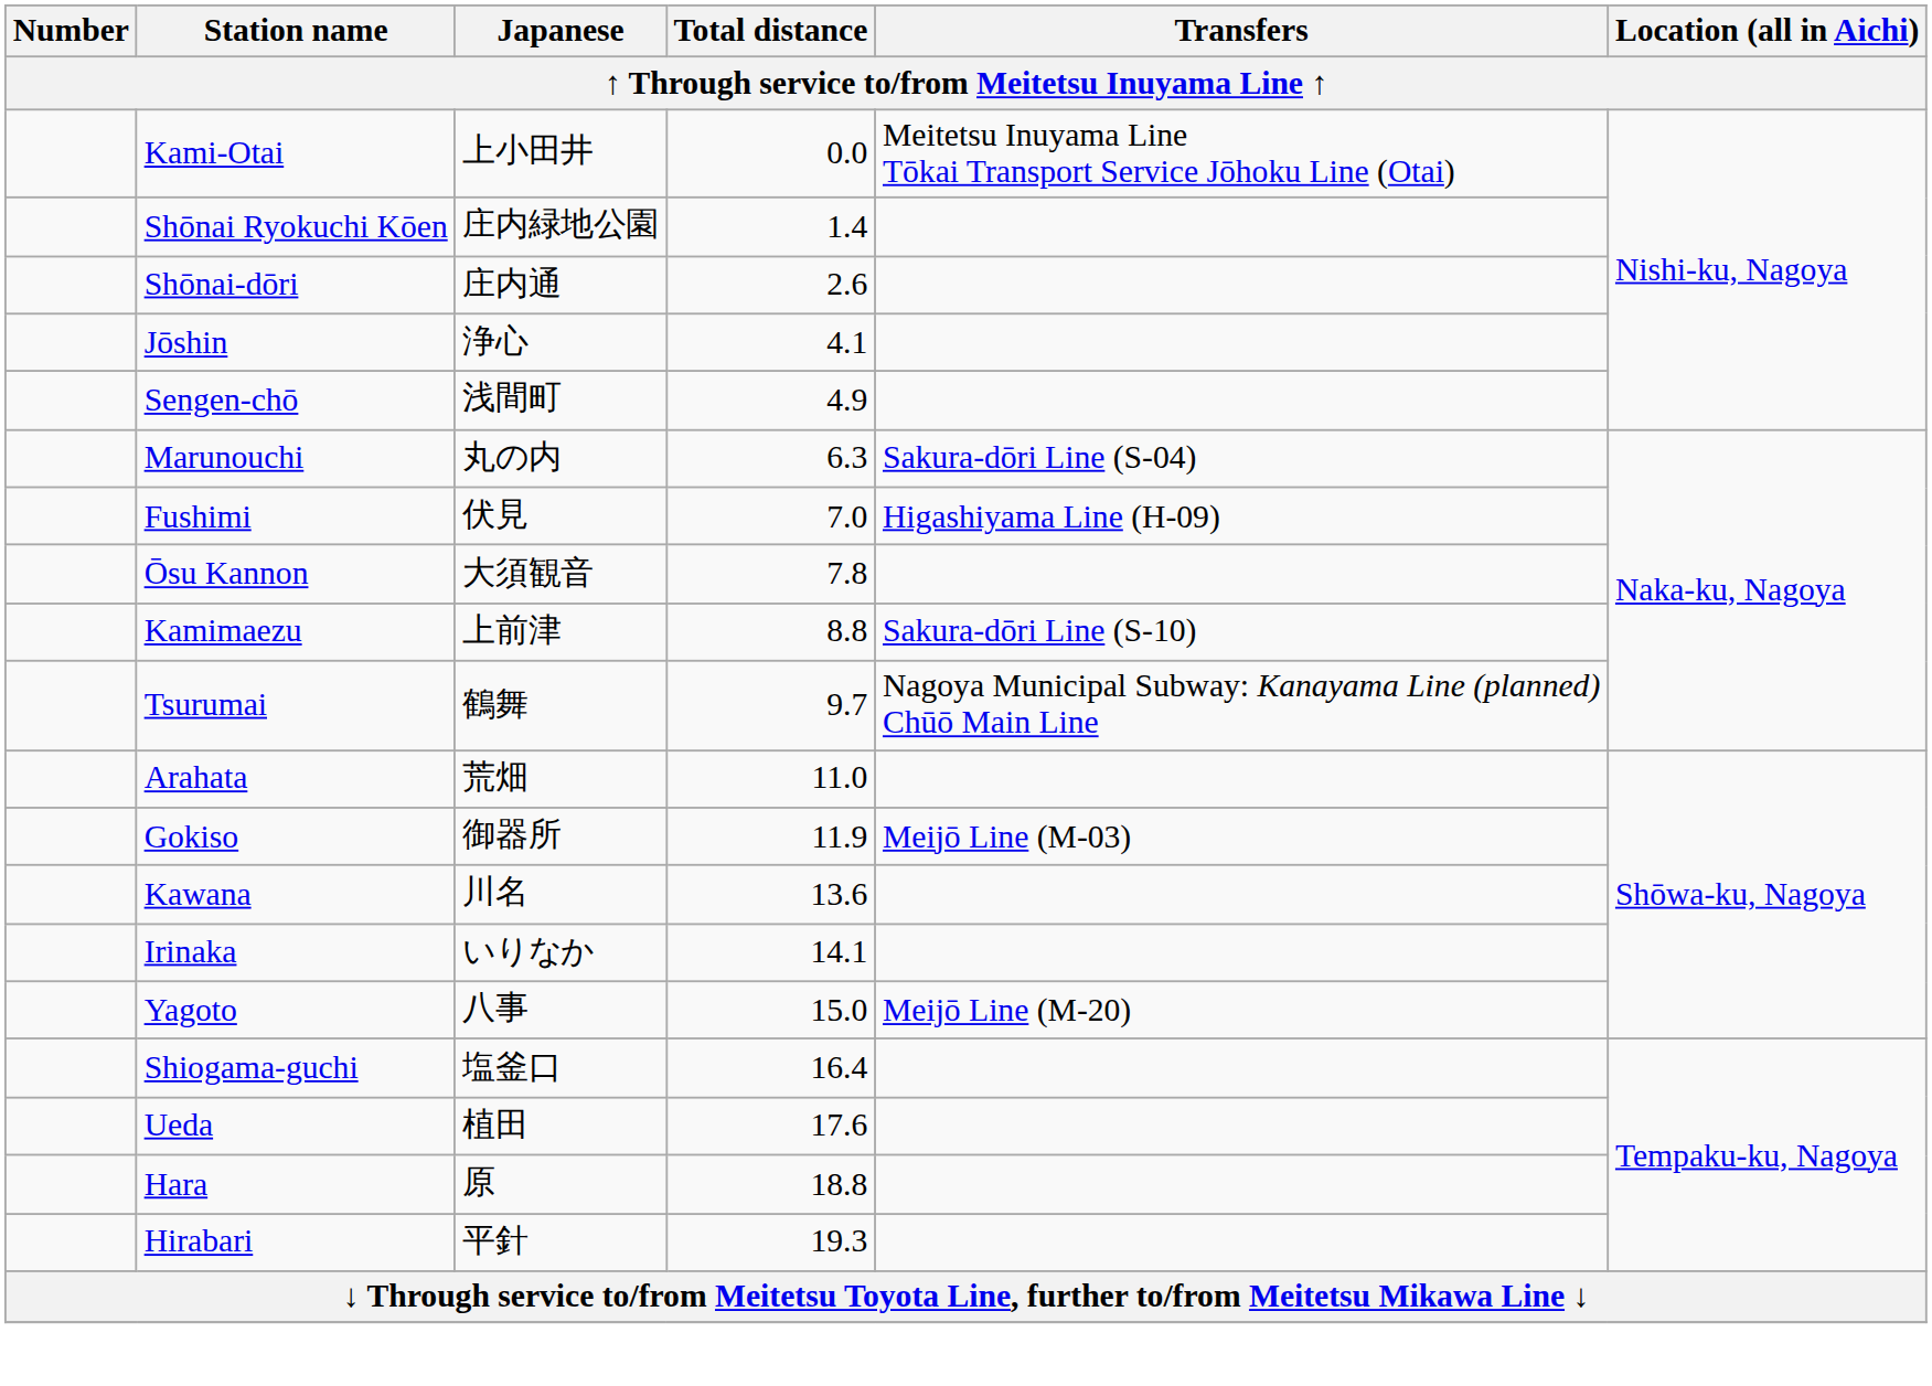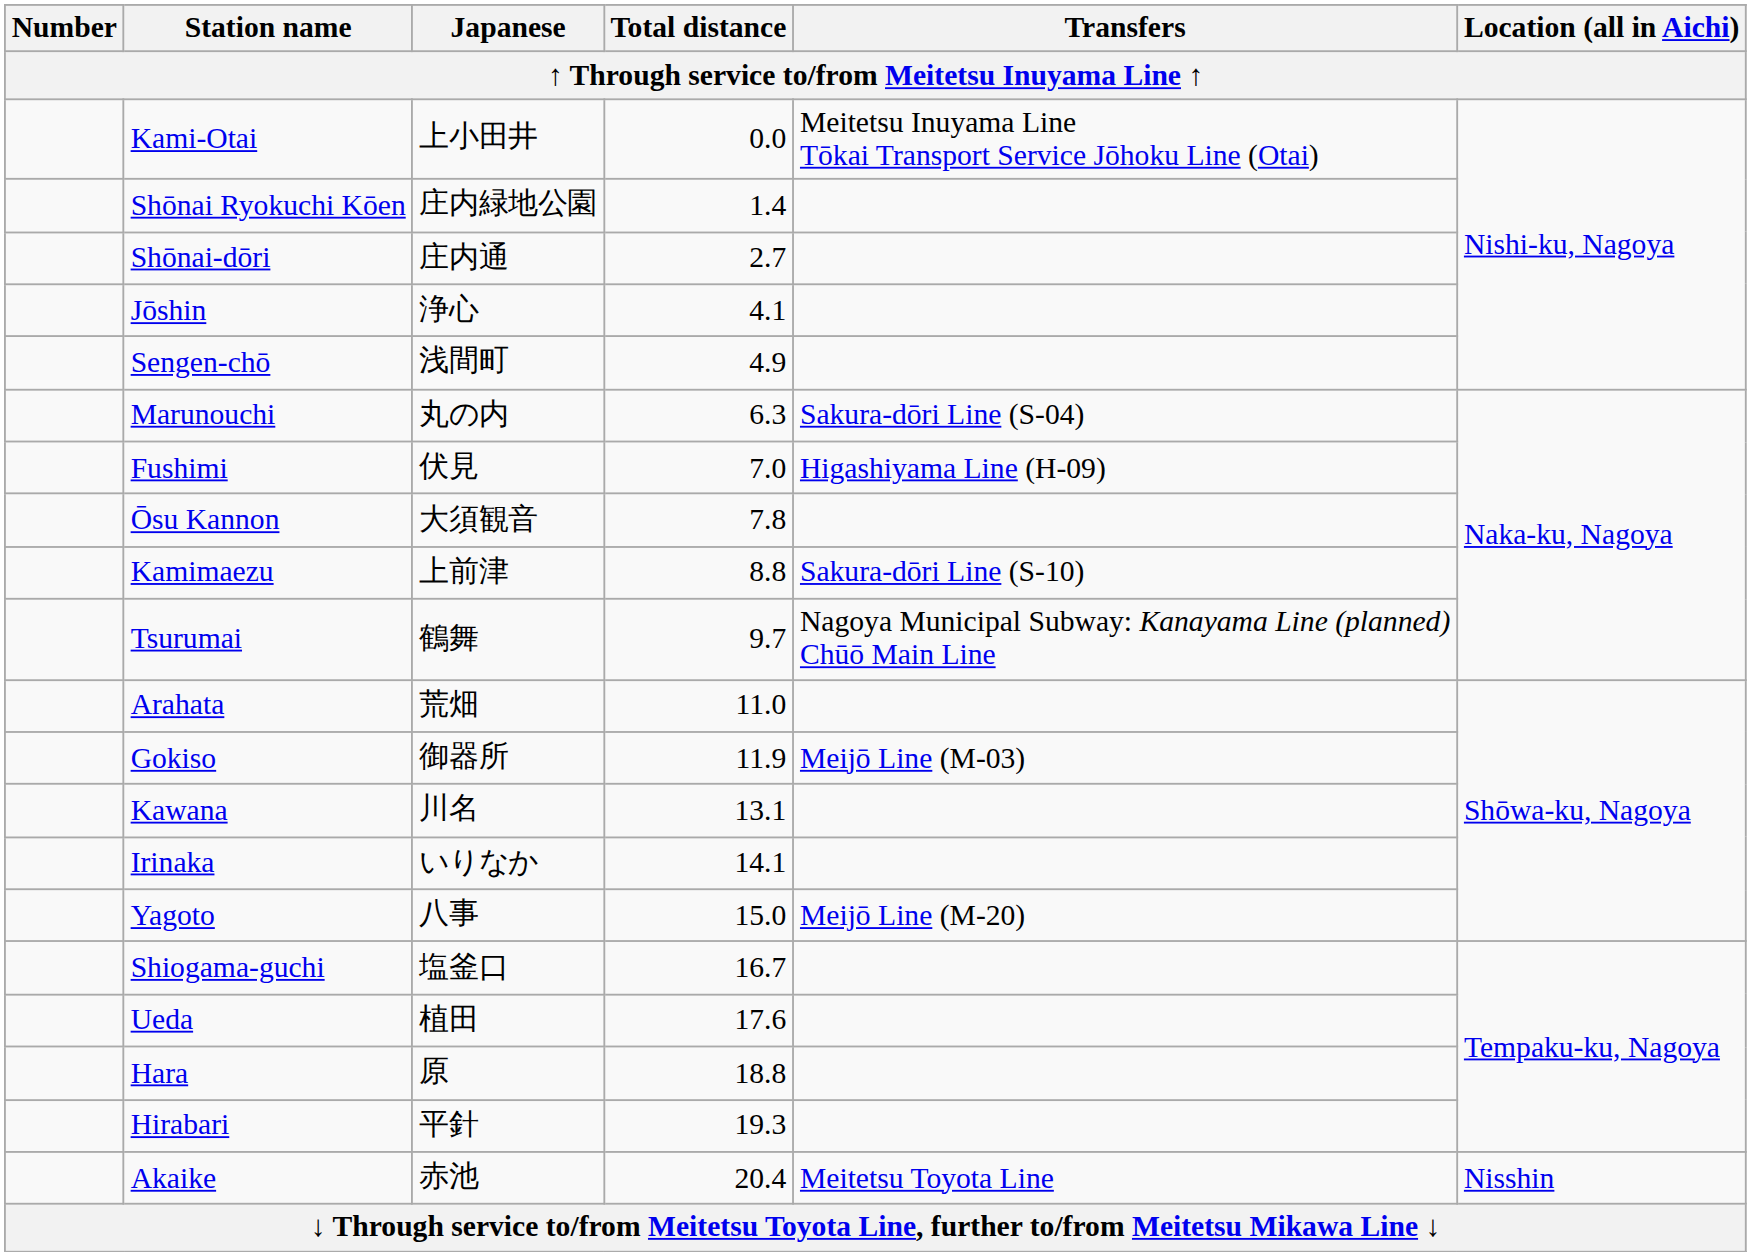 <table class="wikitable">
 <tr>
 <th style="border-bottom:3px solid #">Number</th>
 <th ! style="border-bottom:3px solid #">Station name</th>
 <th ! style="border-bottom:3px solid #">Japanese</th>
 <th ! style="border-bottom:3px solid #">Total distance</th>
 <th ! style="border-bottom:3px solid #">Transfers</th>
 <th ! style="border-bottom:3px solid #">Location (all in <a href='#'>Aichi</a>)</th>
 </tr>
 <tr>
 <th colspan="6">↑ Through service to/from <a href='#'>Meitetsu Inuyama Line</a> ↑</th>
 </tr>
 <tr>
 <td></td>
 <td><a href='#'>Kami-Otai</a></td>
 <td>上小田井</td>
 <td align=right>0.0</td>
 <td>Meitetsu Inuyama Line<br><a href='#'>Tōkai Transport Service Jōhoku Line</a> (<a href='#'>Otai</a>)</td>
 <td rowspan=5><a href='#'>Nishi-ku, Nagoya</a></td>
 </tr>
 <tr>
 <td></td>
 <td><a href='#'>Shōnai Ryokuchi Kōen</a></td>
 <td>庄内緑地公園</td>
 <td align=right>1.4</td>
 <td></td>
 </tr>
 <tr>
 <td></td>
 <td><a href='#'>Shōnai-dōri</a></td>
 <td>庄内通</td>
-<td align=right>2.6</td>
+<td align=right>2.7</td>
 <td></td>
 </tr>
 <tr>
 <td></td>
 <td><a href='#'>Jōshin</a></td>
 <td>浄心</td>
 <td align=right>4.1</td>
 <td></td>
 </tr>
 <tr>
 <td></td>
 <td><a href='#'>Sengen-chō</a></td>
 <td>浅間町</td>
 <td align=right>4.9</td>
 <td></td>
 </tr>
 <tr>
 <td></td>
 <td><a href='#'>Marunouchi</a></td>
 <td>丸の内</td>
 <td align=right>6.3</td>
 <td> <a href='#'>Sakura-dōri Line</a> (S-04)</td>
 <td rowspan=5><a href='#'>Naka-ku, Nagoya</a></td>
 </tr>
 <tr>
 <td></td>
 <td><a href='#'>Fushimi</a></td>
 <td>伏見</td>
 <td align=right>7.0</td>
 <td> <a href='#'>Higashiyama Line</a> (H-09)</td>
 </tr>
 <tr>
 <td></td>
 <td><a href='#'>Ōsu Kannon</a></td>
 <td>大須観音</td>
 <td align=right>7.8</td>
 <td></td>
 </tr>
 <tr>
 <td></td>
 <td><a href='#'>Kamimaezu</a></td>
 <td>上前津</td>
 <td align=right>8.8</td>
 <td> <a href='#'>Sakura-dōri Line</a> (S-10)</td>
 </tr>
 <tr>
 <td></td>
 <td><a href='#'>Tsurumai</a></td>
 <td>鶴舞</td>
 <td align=right>9.7</td>
 <td>Nagoya Municipal Subway: <em>Kanayama Line (planned)</em> <br><a href='#'>Chūō Main Line</a></td>
 </tr>
 <tr>
 <td></td>
 <td><a href='#'>Arahata</a></td>
 <td>荒畑</td>
 <td align=right>11.0</td>
 <td></td>
 <td rowspan=5><a href='#'>Shōwa-ku, Nagoya</a></td>
 </tr>
 <tr>
 <td></td>
 <td><a href='#'>Gokiso</a></td>
 <td>御器所</td>
 <td align=right>11.9</td>
 <td> <a href='#'>Meijō Line</a> (M-03)</td>
 </tr>
 <tr>
 <td></td>
 <td><a href='#'>Kawana</a></td>
 <td>川名</td>
-<td align=right>13.6</td>
+<td align=right>13.1</td>
 <td></td>
 </tr>
 <tr>
 <td></td>
 <td><a href='#'>Irinaka</a></td>
 <td>いりなか</td>
 <td align=right>14.1</td>
 <td></td>
 </tr>
 <tr>
 <td></td>
 <td><a href='#'>Yagoto</a></td>
 <td>八事</td>
 <td align=right>15.0</td>
 <td> <a href='#'>Meijō Line</a> (M-20)</td>
 </tr>
 <tr>
 <td></td>
 <td><a href='#'>Shiogama-guchi</a></td>
 <td>塩釜口</td>
-<td align=right>16.4</td>
+<td align=right>16.7</td>
 <td></td>
 <td rowspan=4><a href='#'>Tempaku-ku, Nagoya</a></td>
 </tr>
 <tr>
 <td></td>
 <td><a href='#'>Ueda</a></td>
 <td>植田</td>
 <td align=right>17.6</td>
 <td></td>
 </tr>
 <tr>
 <td></td>
 <td><a href='#'>Hara</a></td>
 <td>原</td>
 <td align=right>18.8</td>
 <td></td>
 </tr>
 <tr>
 <td></td>
 <td><a href='#'>Hirabari</a></td>
 <td>平針</td>
 <td align=right>19.3</td>
 <td></td>
 </tr>
 <tr>
+<td></td>
+<td><a href='#'>Akaike</a></td>
+<td>赤池</td>
+<td align=right>20.4</td>
+<td><a href='#'>Meitetsu Toyota Line</a></td>
+<td><a href='#'>Nisshin</a></td>
+</tr>
+<tr>
 <th colspan="6">↓ Through service to/from <a href='#'>Meitetsu Toyota Line</a>, further to/from <a href='#'>Meitetsu Mikawa Line</a> ↓</th>
 </tr>
 <tr>
 </tr>
 </table>
